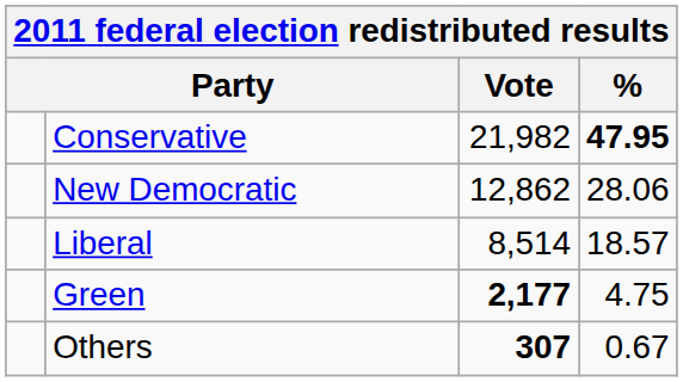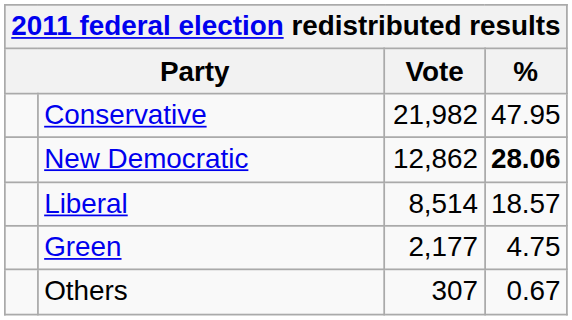 <table class="wikitable">
 <tr>
 <th colspan="4"><a href='#'>2011 federal election</a> redistributed results</th>
 </tr>
 <tr>
 <th bgcolor="#DDDDFF" width="130px" colspan="2">Party</th>
 <th bgcolor="#DDDDFF" width="50px">Vote</th>
 <th bgcolor="#DDDDFF" width="30px">%</th>
 </tr>
 <tr>
 <td> </td>
 <td><a href='#'>Conservative</a></td>
 <td align="right">21,982</td>
-<td align="right"><strong>47.95</strong></td>
+<td align="right">47.95</td>
 </tr>
 <tr>
 <td> </td>
 <td><a href='#'>New Democratic</a></td>
 <td align="right">12,862</td>
-<td align="right">28.06</td>
+<td align="right"><strong>28.06</strong></td>
 </tr>
 <tr>
 <td> </td>
 <td><a href='#'>Liberal</a></td>
 <td align="right">8,514</td>
 <td align="right">18.57</td>
 </tr>
 <tr>
 <td> </td>
 <td><a href='#'>Green</a></td>
-<td align="right"><strong>2,177</strong></td>
+<td align="right">2,177</td>
 <td align="right">4.75</td>
 </tr>
 <tr>
 <td> </td>
 <td>Others</td>
-<td align="right"><strong>307</strong></td>
+<td align="right">307</td>
 <td align="right">0.67</td>
 </tr>
 </table>
